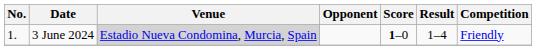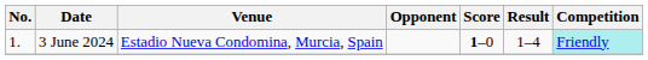 <table class="wikitable">
 <tr>
 <th>No.</th>
 <th>Date</th>
 <th>Venue</th>
 <th>Opponent</th>
 <th>Score</th>
 <th>Result</th>
 <th>Competition</th>
 </tr>
 <tr>
 <td>1.</td>
 <td>3 June 2024</td>
-<td style="background: lightgrey;"><a href='#'>Estadio Nueva Condomina</a>, <a href='#'>Murcia</a>, <a href='#'>Spain</a></td>
+<td><a href='#'>Estadio Nueva Condomina</a>, <a href='#'>Murcia</a>, <a href='#'>Spain</a></td>
 <td></td>
 <td align=center><strong>1</strong>–0</td>
 <td align=center>1–4</td>
-<td><a href='#'>Friendly</a></td>
+<td style="background: paleturquoise;"><a href='#'>Friendly</a></td>
 </tr>
 <tr>
 </tr>
 </table>
